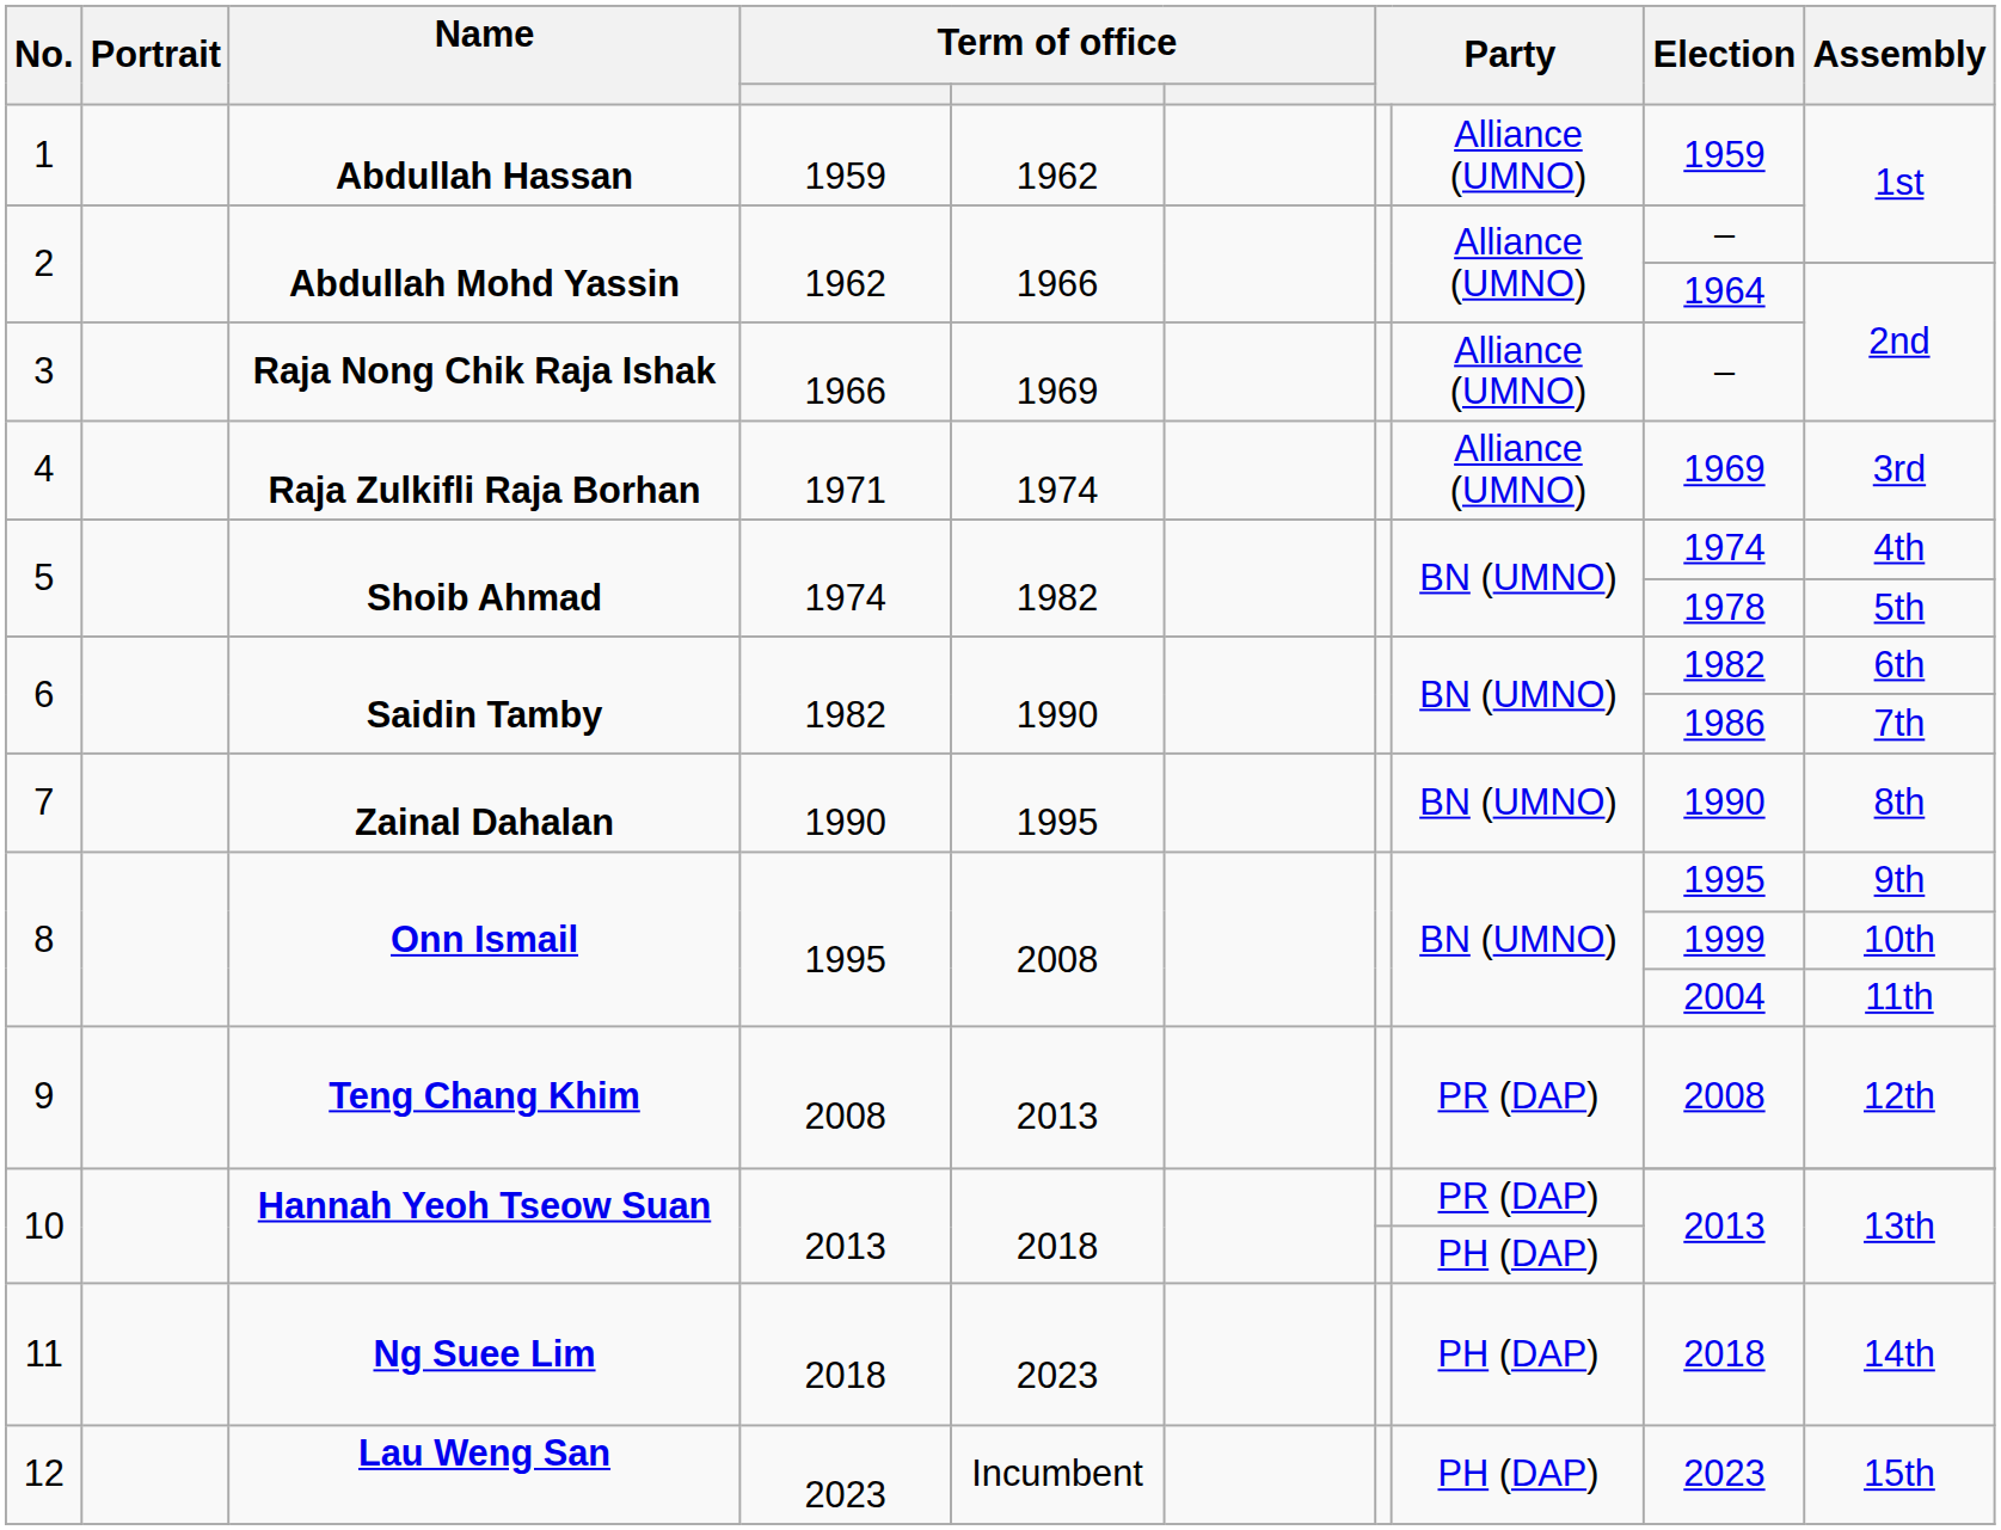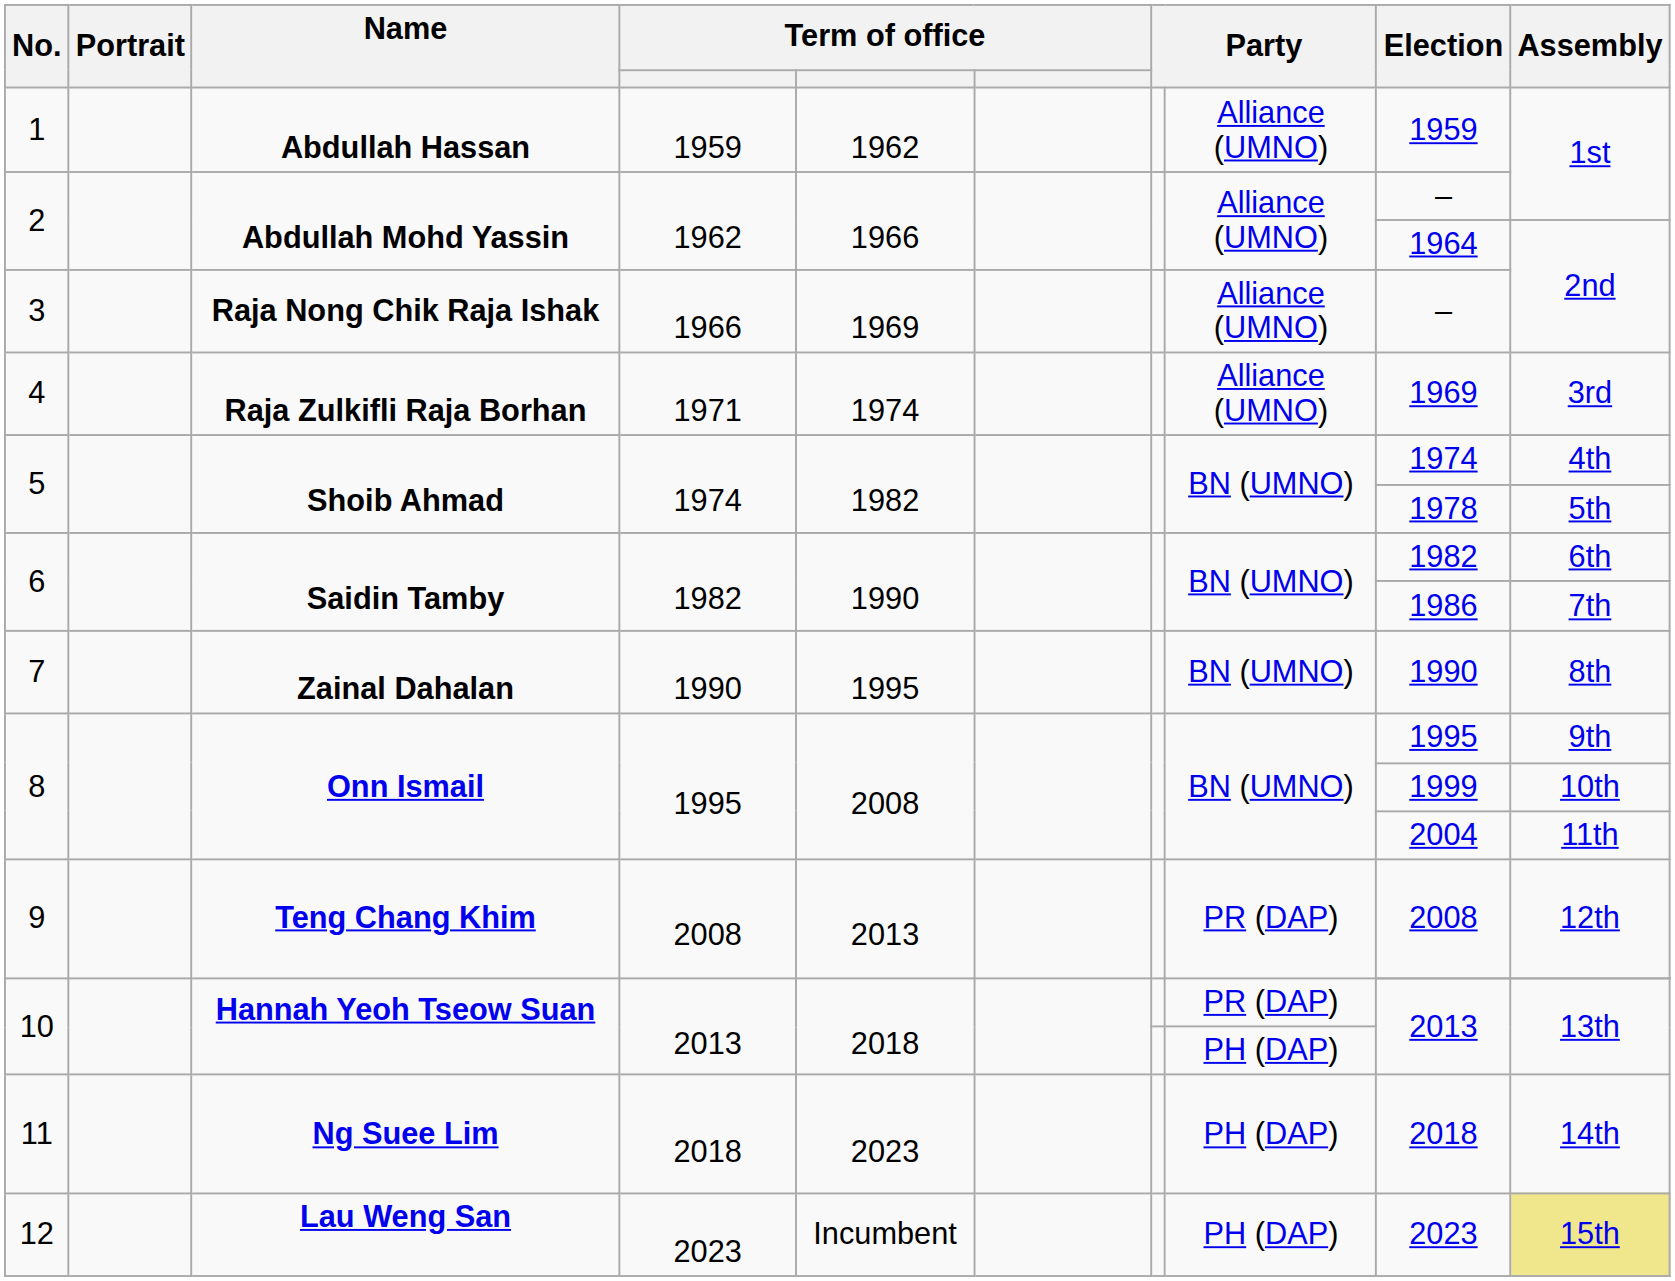 <table class="wikitable" style="text-align:center; border:1px #aaf solid;">
 <tr>
 <th rowspan="2">No.</th>
 <th rowspan="2">Portrait</th>
 <th rowspan="2" width="215">Name<br><br></th>
 <th colspan="3">Term of office</th>
 <th colspan="2" rowspan="2">Party</th>
 <th rowspan="2">Election</th>
 <th rowspan="2">Assembly</th>
 </tr>
 <tr>
 <th width="85"></th>
 <th width="85"></th>
 <th width="85"></th>
 </tr>
 <tr>
 <td>1</td>
 <td></td>
 <td><br><strong>Abdullah Hassan</strong><br></td>
 <td><br>1959</td>
 <td><br>1962</td>
 <td></td>
 <td style="background:"></td>
 <td><a href='#'>Alliance</a> (<a href='#'>UMNO</a>)</td>
 <td><a href='#'>1959</a></td>
 <td rowspan=2><a href='#'>1st</a></td>
 </tr>
 <tr>
 <td rowspan=2>2</td>
 <td rowspan=2></td>
 <td rowspan=2><br><strong>Abdullah Mohd Yassin</strong><br></td>
 <td rowspan=2><br>1962</td>
 <td rowspan=2><br>1966</td>
 <td rowspan=2></td>
 <td rowspan=2 style="background:"></td>
 <td rowspan=2><a href='#'>Alliance</a> (<a href='#'>UMNO</a>)</td>
 <td>–</td>
 </tr>
 <tr>
 <td><a href='#'>1964</a></td>
 <td rowspan=2><a href='#'>2nd</a></td>
 </tr>
 <tr>
 <td>3</td>
 <td></td>
 <td><strong>Raja Nong Chik Raja Ishak</strong><br></td>
 <td><br>1966</td>
 <td><br>1969</td>
 <td></td>
 <td style="background:"></td>
 <td><a href='#'>Alliance</a> (<a href='#'>UMNO</a>)</td>
 <td>–</td>
 </tr>
 <tr>
 <td>4</td>
 <td></td>
 <td><br><strong>Raja Zulkifli Raja Borhan</strong><br></td>
 <td><br>1971</td>
 <td><br>1974</td>
 <td></td>
 <td style="background:"></td>
 <td><a href='#'>Alliance</a> (<a href='#'>UMNO</a>)</td>
 <td><a href='#'>1969</a></td>
 <td><a href='#'>3rd</a></td>
 </tr>
 <tr>
 <td rowspan="2">5</td>
 <td rowspan="2"></td>
 <td rowspan="2"><br><strong>Shoib Ahmad</strong><br></td>
 <td rowspan="2"><br>1974</td>
 <td rowspan="2"><br>1982</td>
 <td rowspan=2></td>
 <td rowspan=2 style="background:"></td>
 <td rowspan=2><a href='#'>BN</a> (<a href='#'>UMNO</a>)</td>
 <td><a href='#'>1974</a></td>
 <td><a href='#'>4th</a></td>
 </tr>
 <tr>
 <td><a href='#'>1978</a></td>
 <td><a href='#'>5th</a></td>
 </tr>
 <tr>
 <td rowspan="2">6</td>
 <td rowspan="2"></td>
 <td rowspan="2"><br><strong>Saidin Tamby</strong><br></td>
 <td rowspan="2"><br>1982</td>
 <td rowspan="2"><br>1990</td>
 <td rowspan=2></td>
 <td rowspan=2 style="background:"></td>
 <td rowspan=2><a href='#'>BN</a> (<a href='#'>UMNO</a>)</td>
 <td><a href='#'>1982</a></td>
 <td><a href='#'>6th</a></td>
 </tr>
 <tr>
 <td><a href='#'>1986</a></td>
 <td><a href='#'>7th</a></td>
 </tr>
 <tr>
 <td>7</td>
 <td></td>
 <td><br><strong>Zainal Dahalan</strong><br></td>
 <td><br>1990</td>
 <td><br>1995</td>
 <td></td>
 <td style="background:"></td>
 <td><a href='#'>BN</a> (<a href='#'>UMNO</a>)</td>
 <td><a href='#'>1990</a></td>
 <td><a href='#'>8th</a></td>
 </tr>
 <tr>
 <td rowspan="3">8</td>
 <td rowspan="3"></td>
 <td rowspan="3"><br><strong><a href='#'>Onn Ismail</a></strong><br><br></td>
 <td rowspan="3"><br>1995</td>
 <td rowspan="3"><br>2008</td>
 <td rowspan=3></td>
 <td rowspan=3 style="background:"></td>
 <td rowspan=3><a href='#'>BN</a> (<a href='#'>UMNO</a>)</td>
 <td><a href='#'>1995</a></td>
 <td><a href='#'>9th</a></td>
 </tr>
 <tr>
 <td><a href='#'>1999</a></td>
 <td><a href='#'>10th</a></td>
 </tr>
 <tr>
 <td><a href='#'>2004</a></td>
 <td><a href='#'>11th</a></td>
 </tr>
 <tr>
 <td>9</td>
 <td></td>
 <td><br><strong><a href='#'>Teng Chang Khim</a></strong><br><br></td>
 <td><br>2008</td>
 <td><br>2013</td>
 <td></td>
 <td style="background:"></td>
 <td><a href='#'>PR</a> (<a href='#'>DAP</a>)</td>
 <td><a href='#'>2008</a></td>
 <td><a href='#'>12th</a></td>
 </tr>
 <tr>
 <td rowspan=3>10</td>
 <td rowspan=3></td>
 <td rowspan=3><strong><a href='#'>Hannah Yeoh Tseow Suan</a></strong><br><br></td>
 <td rowspan=3><br>2013</td>
 <td rowspan=3><br>2018</td>
 <td rowspan=3></td>
 <td rowspan=2 style="background:"></td>
 <td rowspan=2><a href='#'>PR</a> (<a href='#'>DAP</a>)</td>
 </tr>
 <tr>
 <td rowspan=2><a href='#'>2013</a></td>
 <td rowspan=2><a href='#'>13th</a></td>
 </tr>
 <tr>
 <td style="background:"></td>
 <td><a href='#'>PH</a> (<a href='#'>DAP</a>)</td>
 </tr>
 <tr>
 <td>11</td>
 <td></td>
 <td><br><strong><a href='#'>Ng Suee Lim</a></strong><br><br></td>
 <td><br>2018</td>
 <td><br>2023</td>
 <td></td>
 <td style="background:"></td>
 <td><a href='#'>PH</a> (<a href='#'>DAP</a>)</td>
 <td><a href='#'>2018</a></td>
 <td><a href='#'>14th</a></td>
 </tr>
 <tr>
 <td>12</td>
 <td></td>
 <td><strong><a href='#'>Lau Weng San</a></strong><br><br></td>
 <td><br>2023</td>
 <td>Incumbent</td>
 <td></td>
 <td style="background:"></td>
 <td><a href='#'>PH</a> (<a href='#'>DAP</a>)</td>
 <td><a href='#'>2023</a></td>
-<td><a href='#'>15th</a></td>
+<td style="background: khaki;"><a href='#'>15th</a></td>
 </tr>
 </table>
